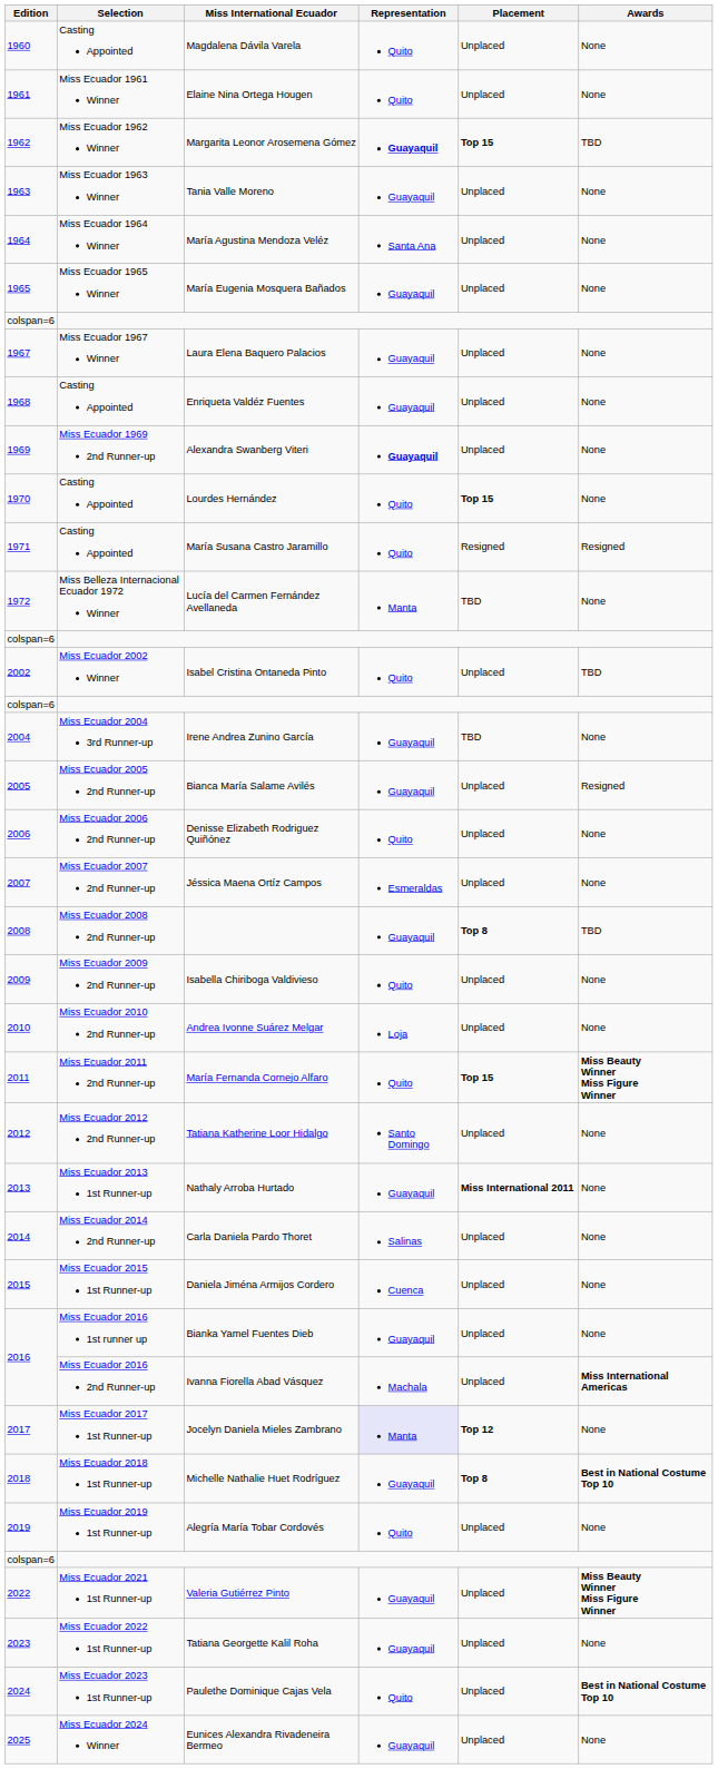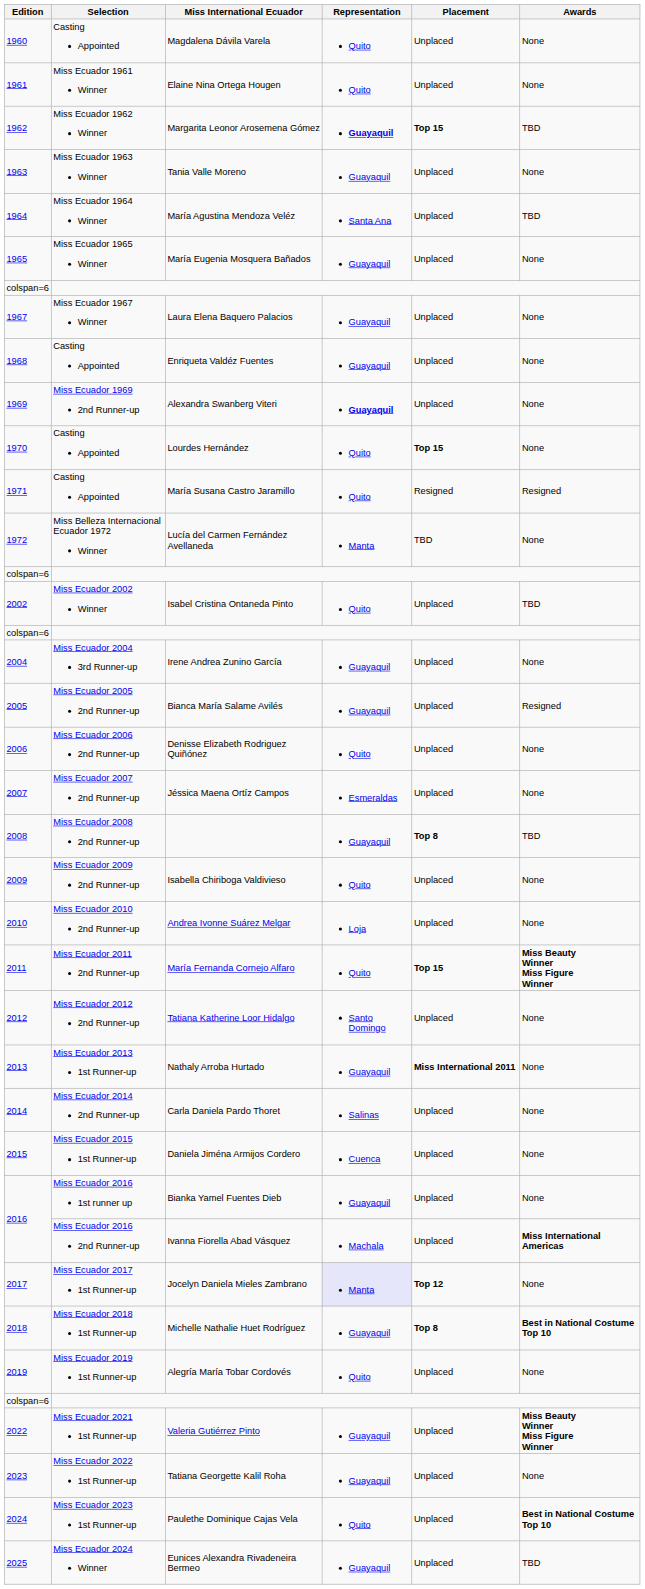 <table class="wikitable sortable" style="font-size: 95%">
 <tr>
 <th width="2">Edition</th>
 <th width="180">Selection</th>
 <th width="250">Miss International Ecuador</th>
 <th width="140">Representation</th>
 <th width="170">Placement</th>
 <th width="190">Awards</th>
 </tr>
 <tr>
 <td><a href='#'>1960</a></td>
 <td>Casting<br><ul><li>Appointed</li></ul></td>
 <td>Magdalena Dávila Varela</td>
 <td><br><ul><li><a href='#'>Quito</a></li></ul></td>
 <td>Unplaced</td>
 <td>None</td>
 </tr>
 <tr>
 <td><a href='#'>1961</a></td>
 <td>Miss Ecuador 1961<br><ul><li>Winner</li></ul></td>
 <td>Elaine Nina Ortega Hougen</td>
 <td><br><ul><li><a href='#'>Quito</a></li></ul></td>
 <td>Unplaced</td>
 <td>None</td>
 </tr>
 <tr>
 <td><a href='#'>1962</a></td>
 <td>Miss Ecuador 1962<br><ul><li>Winner</li></ul></td>
 <td>Margarita Leonor Arosemena Gómez</td>
 <td><strong><br><ul><li><a href='#'>Guayaquil</a></li></ul></strong></td>
 <td><strong>Top 15</strong></td>
 <td>TBD</td>
 </tr>
 <tr>
 <td><a href='#'>1963</a></td>
 <td>Miss Ecuador 1963<br><ul><li>Winner</li></ul></td>
 <td>Tania Valle Moreno</td>
 <td><br><ul><li><a href='#'>Guayaquil</a></li></ul></td>
 <td>Unplaced</td>
 <td>None</td>
 </tr>
 <tr>
 <td><a href='#'>1964</a></td>
 <td>Miss Ecuador 1964<br><ul><li>Winner</li></ul></td>
 <td>María Agustina Mendoza Veléz</td>
 <td><br><ul><li><a href='#'>Santa Ana</a></li></ul></td>
 <td>Unplaced</td>
-<td>None</td>
+<td>TBD</td>
 </tr>
 <tr>
 <td><a href='#'>1965</a></td>
 <td>Miss Ecuador 1965<br><ul><li>Winner</li></ul></td>
 <td>María Eugenia Mosquera Bañados</td>
 <td><br><ul><li><a href='#'>Guayaquil</a></li></ul></td>
 <td>Unplaced</td>
 <td>None</td>
 </tr>
 <tr>
 <td>colspan=6 </td>
 </tr>
 <tr>
 <td><a href='#'>1967</a></td>
 <td>Miss Ecuador 1967<br><ul><li>Winner</li></ul></td>
 <td>Laura Elena Baquero Palacios</td>
 <td><br><ul><li><a href='#'>Guayaquil</a></li></ul></td>
 <td>Unplaced</td>
 <td>None</td>
 </tr>
 <tr>
 <td><a href='#'>1968</a></td>
 <td>Casting<br><ul><li>Appointed</li></ul></td>
 <td>Enriqueta Valdéz Fuentes</td>
 <td><br><ul><li><a href='#'>Guayaquil</a></li></ul></td>
 <td>Unplaced</td>
 <td>None</td>
 </tr>
 <tr>
 <td><a href='#'>1969</a></td>
 <td><a href='#'>Miss Ecuador 1969</a><br><ul><li>2nd Runner-up</li></ul></td>
 <td>Alexandra Swanberg Viteri</td>
 <td><strong><br><ul><li><a href='#'>Guayaquil</a></li></ul></strong></td>
 <td>Unplaced</td>
 <td>None</td>
 </tr>
 <tr>
 <td><a href='#'>1970</a></td>
 <td>Casting<br><ul><li>Appointed</li></ul></td>
 <td>Lourdes Hernández</td>
 <td><br><ul><li><a href='#'>Quito</a></li></ul></td>
 <td><strong>Top 15</strong></td>
 <td>None</td>
 </tr>
 <tr>
 <td><a href='#'>1971</a></td>
 <td>Casting<br><ul><li>Appointed</li></ul></td>
 <td>María Susana Castro Jaramillo</td>
 <td><br><ul><li><a href='#'>Quito</a></li></ul></td>
 <td>Resigned</td>
 <td>Resigned</td>
 </tr>
 <tr>
 <td><a href='#'>1972</a></td>
 <td>Miss Belleza Internacional Ecuador 1972<br><ul><li>Winner</li></ul></td>
 <td>Lucía del Carmen Fernández Avellaneda</td>
 <td><br><ul><li><a href='#'>Manta</a></li></ul></td>
 <td>TBD</td>
 <td>None</td>
 </tr>
 <tr>
 <td>colspan=6 </td>
 </tr>
 <tr>
 <td><a href='#'>2002</a></td>
 <td><a href='#'>Miss Ecuador 2002</a><br><ul><li>Winner</li></ul></td>
 <td>Isabel Cristina Ontaneda Pinto</td>
 <td><br><ul><li><a href='#'>Quito</a></li></ul></td>
 <td>Unplaced</td>
 <td>TBD</td>
 </tr>
 <tr>
 <td>colspan=6 </td>
 </tr>
 <tr>
 <td><a href='#'>2004</a></td>
 <td><a href='#'>Miss Ecuador 2004</a><br><ul><li>3rd Runner-up</li></ul></td>
 <td>Irene Andrea Zunino García</td>
 <td><br><ul><li><a href='#'>Guayaquil</a></li></ul></td>
-<td>TBD</td>
+<td>Unplaced</td>
 <td>None</td>
 </tr>
 <tr>
 <td><a href='#'>2005</a></td>
 <td><a href='#'>Miss Ecuador 2005</a><br><ul><li>2nd Runner-up</li></ul></td>
 <td>Bianca María Salame Avilés</td>
 <td><br><ul><li><a href='#'>Guayaquil</a></li></ul></td>
 <td>Unplaced</td>
 <td>Resigned</td>
 </tr>
 <tr>
 <td><a href='#'>2006</a></td>
 <td><a href='#'>Miss Ecuador 2006</a><br><ul><li>2nd Runner-up</li></ul></td>
 <td>Denisse Elizabeth Rodriguez Quiñónez</td>
 <td><br><ul><li><a href='#'>Quito</a></li></ul></td>
 <td>Unplaced</td>
 <td>None</td>
 </tr>
 <tr>
 <td><a href='#'>2007</a></td>
 <td><a href='#'>Miss Ecuador 2007</a><br><ul><li>2nd Runner-up</li></ul></td>
 <td>Jéssica Maena Ortíz Campos</td>
 <td><br><ul><li><a href='#'>Esmeraldas</a></li></ul></td>
 <td>Unplaced</td>
 <td>None</td>
 </tr>
 <tr>
 <td><a href='#'>2008</a></td>
 <td><a href='#'>Miss Ecuador 2008</a><br><ul><li>2nd Runner-up</li></ul></td>
 <td></td>
 <td><br><ul><li><a href='#'>Guayaquil</a></li></ul></td>
 <td><strong>Top 8</strong></td>
 <td>TBD</td>
 </tr>
 <tr>
 <td><a href='#'>2009</a></td>
 <td><a href='#'>Miss Ecuador 2009</a><br><ul><li>2nd Runner-up</li></ul></td>
 <td>Isabella Chiriboga Valdivieso</td>
 <td><br><ul><li><a href='#'>Quito</a></li></ul></td>
 <td>Unplaced</td>
 <td>None</td>
 </tr>
 <tr>
 <td><a href='#'>2010</a></td>
 <td><a href='#'>Miss Ecuador 2010</a><br><ul><li>2nd Runner-up</li></ul></td>
 <td><a href='#'>Andrea Ivonne Suárez Melgar</a></td>
 <td><br><ul><li><a href='#'>Loja</a></li></ul></td>
 <td>Unplaced</td>
 <td>None</td>
 </tr>
 <tr>
 <td><a href='#'>2011</a></td>
 <td><a href='#'>Miss Ecuador 2011</a><br><ul><li>2nd Runner-up</li></ul></td>
 <td><a href='#'>María Fernanda Cornejo Alfaro</a></td>
 <td><br><ul><li><a href='#'>Quito</a></li></ul></td>
 <td><strong>Top 15</strong></td>
 <td><strong>Miss Beauty<br>Winner<br>Miss Figure<br>Winner</strong></td>
 </tr>
 <tr>
 <td><a href='#'>2012</a></td>
 <td><a href='#'>Miss Ecuador 2012</a><br><ul><li>2nd Runner-up</li></ul></td>
 <td><a href='#'>Tatiana Katherine Loor Hidalgo</a> </td>
 <td><br><ul><li><a href='#'>Santo Domingo</a></li></ul></td>
 <td>Unplaced</td>
 <td>None</td>
 </tr>
 <tr>
 <td><a href='#'>2013</a></td>
 <td><a href='#'>Miss Ecuador 2013</a><br><ul><li>1st Runner-up</li></ul></td>
 <td>Nathaly Arroba Hurtado</td>
 <td><br><ul><li><a href='#'>Guayaquil</a></li></ul></td>
 <td><strong>Miss International 2011</strong></td>
 <td>None</td>
 </tr>
 <tr>
 <td><a href='#'>2014</a></td>
 <td><a href='#'>Miss Ecuador 2014</a><br><ul><li>2nd Runner-up</li></ul></td>
 <td>Carla Daniela Pardo Thoret</td>
 <td><br><ul><li><a href='#'>Salinas</a></li></ul></td>
 <td>Unplaced</td>
 <td>None</td>
 </tr>
 <tr>
 <td><a href='#'>2015</a></td>
 <td><a href='#'>Miss Ecuador 2015</a><br><ul><li>1st Runner-up</li></ul></td>
 <td>Daniela Jiména Armijos Cordero</td>
 <td><br><ul><li><a href='#'>Cuenca</a></li></ul></td>
 <td>Unplaced</td>
 <td>None</td>
 </tr>
 <tr>
 <td rowspan=2><a href='#'>2016</a></td>
 <td><a href='#'>Miss Ecuador 2016</a><br><ul><li>1st runner up</li></ul></td>
 <td>Bianka Yamel Fuentes Dieb</td>
 <td><br><ul><li><a href='#'>Guayaquil</a></li></ul></td>
 <td>Unplaced</td>
 <td>None</td>
 </tr>
 <tr>
 <td><a href='#'>Miss Ecuador 2016</a><br><ul><li>2nd Runner-up</li></ul></td>
 <td>Ivanna Fiorella Abad Vásquez</td>
 <td><br><ul><li><a href='#'>Machala</a></li></ul></td>
 <td>Unplaced</td>
 <td><strong>Miss International Americas</strong></td>
 </tr>
 <tr>
 <td><a href='#'>2017</a></td>
 <td><a href='#'>Miss Ecuador 2017</a><br><ul><li>1st Runner-up</li></ul></td>
 <td>Jocelyn Daniela Mieles Zambrano</td>
 <td style="background: lavender;"><br><ul><li><a href='#'>Manta</a></li></ul></td>
 <td><strong>Top 12</strong></td>
 <td>None</td>
 </tr>
 <tr>
 <td><a href='#'>2018</a></td>
 <td><a href='#'>Miss Ecuador 2018</a><br><ul><li>1st Runner-up</li></ul></td>
 <td>Michelle Nathalie Huet Rodríguez</td>
 <td><br><ul><li><a href='#'>Guayaquil</a></li></ul></td>
 <td><strong>Top 8</strong></td>
 <td><strong>Best in National Costume<br>Top 10</strong></td>
 </tr>
 <tr>
 <td><a href='#'>2019</a></td>
 <td><a href='#'>Miss Ecuador 2019</a><br><ul><li>1st Runner-up</li></ul></td>
 <td>Alegría María Tobar Cordovés</td>
 <td><br><ul><li><a href='#'>Quito</a></li></ul></td>
 <td>Unplaced</td>
 <td>None</td>
 </tr>
 <tr>
 <td>colspan=6 </td>
 </tr>
 <tr>
 <td><a href='#'>2022</a></td>
 <td><a href='#'>Miss Ecuador 2021</a><br><ul><li>1st Runner-up</li></ul></td>
 <td><a href='#'>Valeria Gutiérrez Pinto</a></td>
 <td><strong></strong><br><ul><li><a href='#'>Guayaquil</a></li></ul></td>
 <td>Unplaced</td>
 <td><strong>Miss Beauty<br>Winner<br>Miss Figure<br>Winner</strong></td>
 </tr>
 <tr>
 <td><a href='#'>2023</a></td>
 <td><a href='#'>Miss Ecuador 2022</a><br><ul><li>1st Runner-up</li></ul></td>
 <td>Tatiana Georgette Kalil Roha</td>
 <td><strong></strong><br><ul><li><a href='#'>Guayaquil</a></li></ul></td>
 <td>Unplaced</td>
 <td>None</td>
 </tr>
 <tr>
 <td><a href='#'>2024</a></td>
 <td><a href='#'>Miss Ecuador 2023</a><br><ul><li>1st Runner-up</li></ul></td>
 <td>Paulethe Dominique Cajas Vela</td>
 <td><br><ul><li><a href='#'>Quito</a></li></ul></td>
 <td>Unplaced</td>
 <td><strong>Best in National Costume<br>Top 10</strong></td>
 </tr>
 <tr>
 <td><a href='#'>2025</a></td>
 <td><a href='#'>Miss Ecuador 2024</a><br><ul><li>Winner</li></ul></td>
 <td>Eunices Alexandra Rivadeneira Bermeo</td>
 <td><strong></strong><br><ul><li><a href='#'>Guayaquil</a></li></ul></td>
 <td>Unplaced</td>
-<td>None</td>
+<td>TBD</td>
 </tr>
 </table>
